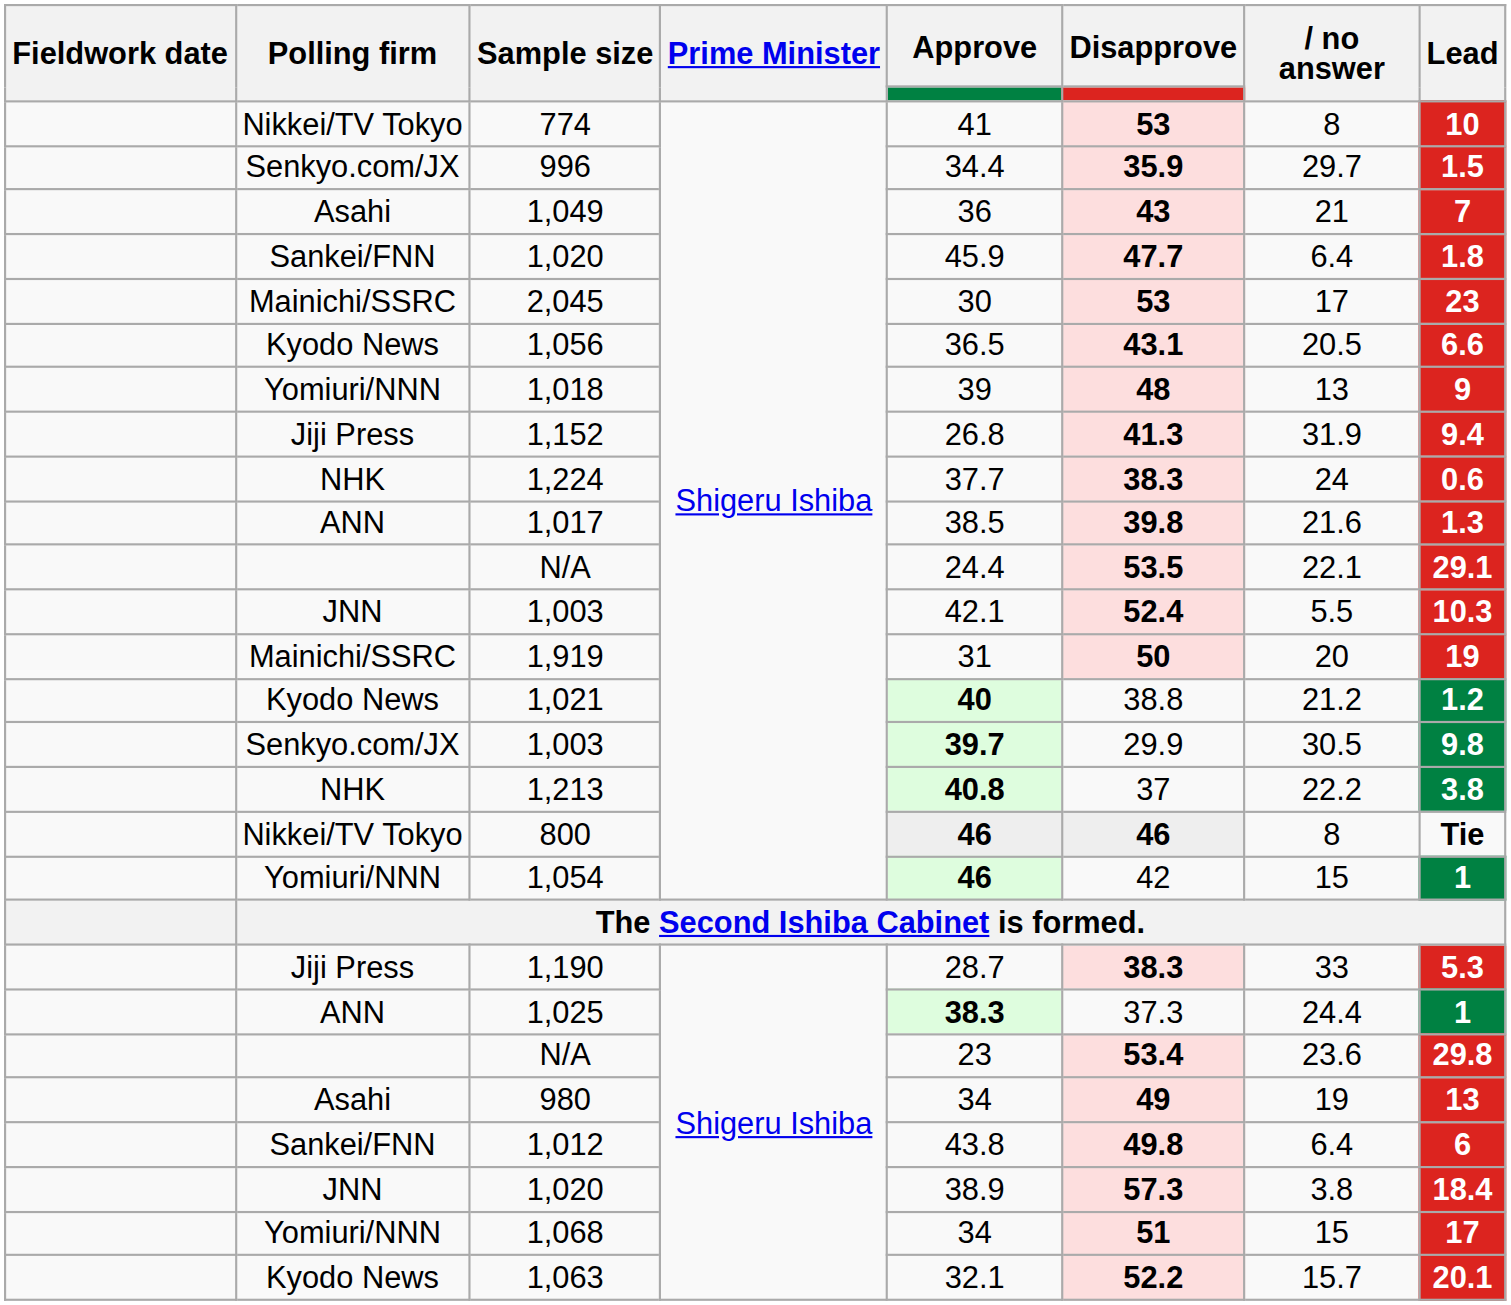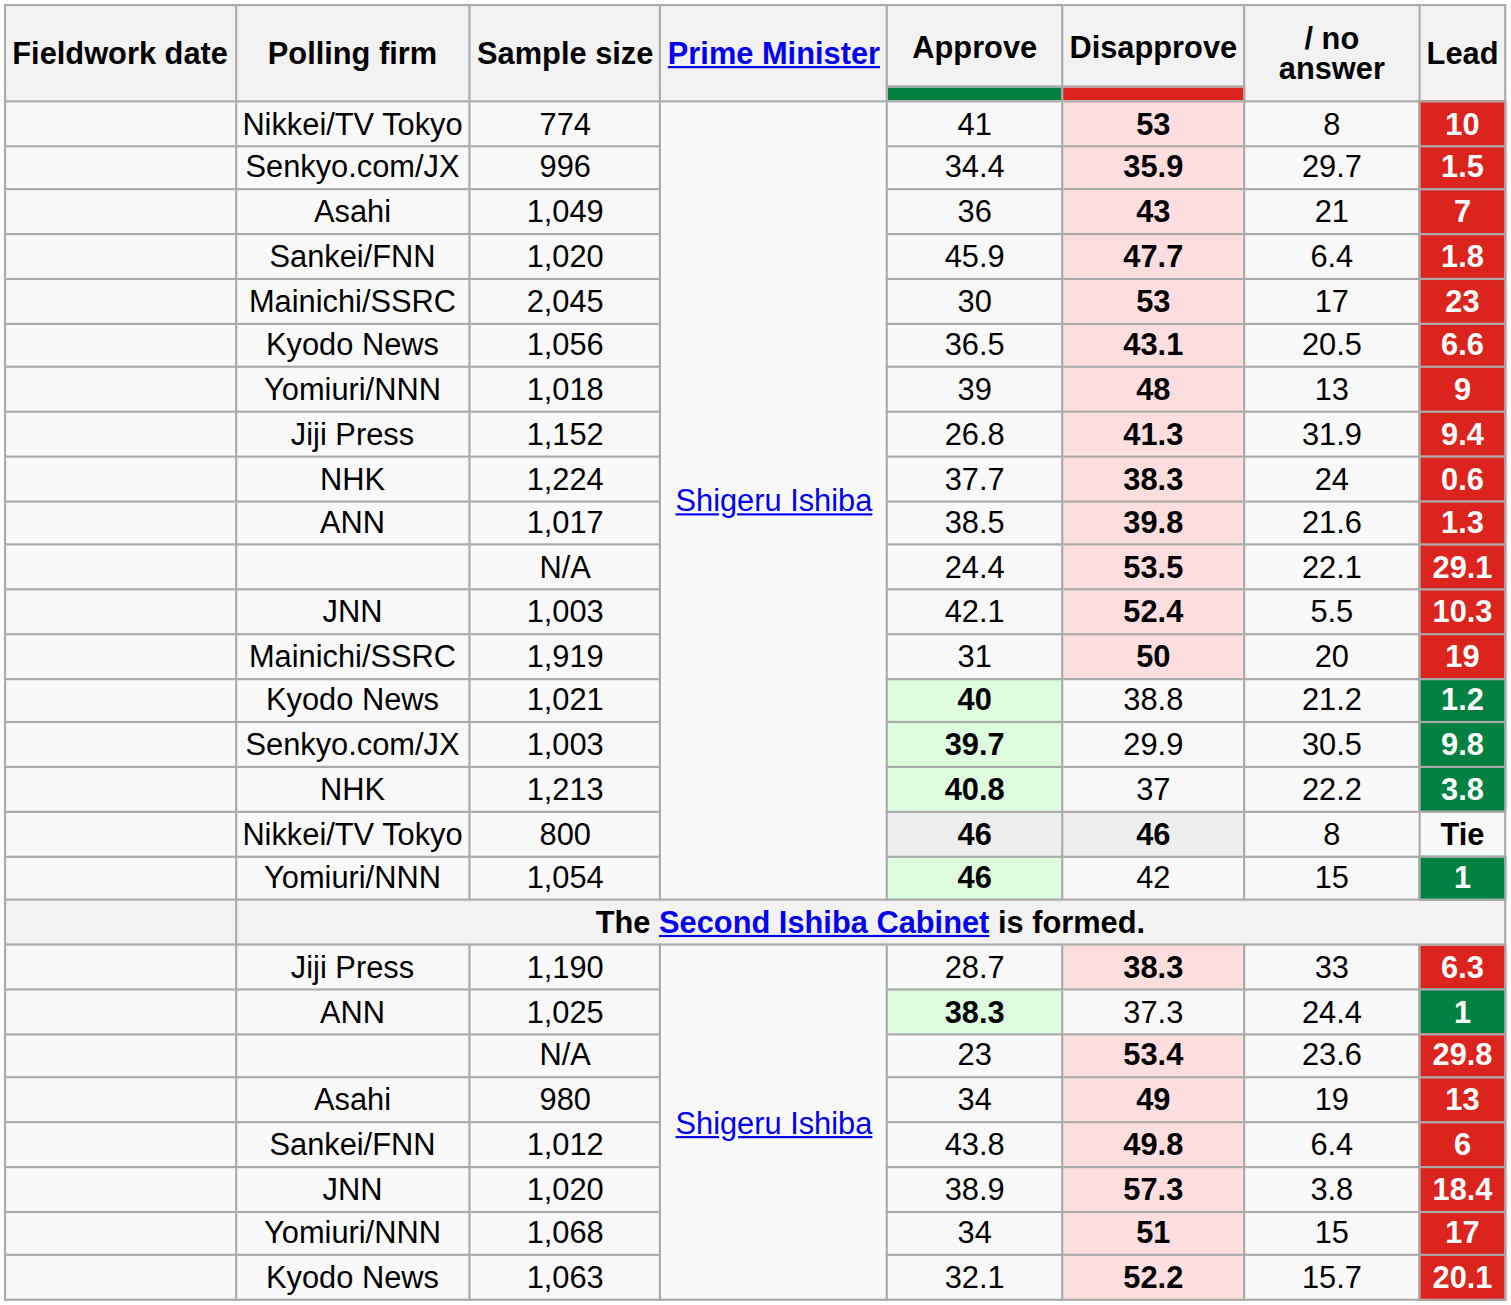 <table class="wikitable mw-datatable sortable mw-collapsible" style="text-align:center;font-size:90%;line-height:14px">
 <tr style="height:38px;">
 <th rowspan="2">Fieldwork date</th>
 <th rowspan="2">Polling firm</th>
 <th class="unsortable" rowspan="2">Sample size</th>
 <th class="unsortable" rowspan="2"><a href='#'>Prime Minister</a></th>
 <th style="width:75px;">Approve</th>
 <th style="width:75px;">Disapprove</th>
 <th style="width:75px;" rowspan="2"> / no answer</th>
 <th class="unsortable" rowspan="2">Lead</th>
 </tr>
 <tr>
 <th style="background:#008142"></th>
 <th style="background:#DC241F"></th>
 </tr>
 <tr>
 <td></td>
 <td>Nikkei/TV Tokyo</td>
 <td>774</td>
 <td rowspan="18"><a href='#'>Shigeru Ishiba</a></td>
 <td>41</td>
 <td style="background:#FDDEDE"><strong>53</strong></td>
 <td>8</td>
 <td style="background:#DC241F; color:white"><strong>10</strong></td>
 </tr>
 <tr>
 <td></td>
 <td>Senkyo.com/JX</td>
 <td>996</td>
 <td>34.4</td>
 <td style="background:#FDDEDE"><strong>35.9</strong></td>
 <td>29.7</td>
 <td style="background:#DC241F; color:white"><strong>1.5</strong></td>
 </tr>
 <tr>
 <td></td>
 <td>Asahi</td>
 <td>1,049</td>
 <td>36</td>
 <td style="background:#FDDEDE"><strong>43</strong></td>
 <td>21</td>
 <td style="background:#DC241F; color:white"><strong>7</strong></td>
 </tr>
 <tr>
 <td></td>
 <td>Sankei/FNN</td>
 <td>1,020</td>
 <td>45.9</td>
 <td style="background:#FDDEDE"><strong>47.7</strong></td>
 <td>6.4</td>
 <td style="background:#DC241F; color:white"><strong>1.8</strong></td>
 </tr>
 <tr>
 <td></td>
 <td>Mainichi/SSRC</td>
 <td>2,045</td>
 <td>30</td>
 <td style="background:#FDDEDE"><strong>53</strong></td>
 <td>17</td>
 <td style="background:#DC241F; color:white"><strong>23</strong></td>
 </tr>
 <tr>
 <td></td>
 <td>Kyodo News</td>
 <td>1,056</td>
 <td>36.5</td>
 <td style="background:#FDDEDE"><strong>43.1</strong></td>
 <td>20.5</td>
 <td style="background:#DC241F; color:white"><strong>6.6</strong></td>
 </tr>
 <tr>
 <td></td>
 <td>Yomiuri/NNN</td>
 <td>1,018</td>
 <td>39</td>
 <td style="background:#FDDEDE"><strong>48</strong></td>
 <td>13</td>
 <td style="background:#DC241F; color:white"><strong>9</strong></td>
 </tr>
 <tr>
 <td></td>
 <td>Jiji Press</td>
 <td>1,152</td>
 <td>26.8</td>
 <td style="background:#FDDEDE"><strong>41.3</strong></td>
 <td>31.9</td>
 <td style="background:#DC241F; color:white"><strong>9.4</strong></td>
 </tr>
 <tr>
 <td></td>
 <td>NHK</td>
 <td>1,224</td>
 <td>37.7</td>
 <td style="background:#FDDEDE"><strong>38.3</strong></td>
 <td>24</td>
 <td style="background:#DC241F; color:white"><strong>0.6</strong></td>
 </tr>
 <tr>
 <td></td>
 <td>ANN</td>
 <td>1,017</td>
 <td>38.5</td>
 <td style="background:#FDDEDE"><strong>39.8</strong></td>
 <td>21.6</td>
 <td style="background:#DC241F; color:white"><strong>1.3</strong></td>
 </tr>
 <tr>
 <td></td>
 <td></td>
 <td>N/A</td>
 <td>24.4</td>
 <td style="background:#FDDEDE"><strong>53.5</strong></td>
 <td>22.1</td>
 <td style="background:#DC241F; color:white"><strong>29.1</strong></td>
 </tr>
 <tr>
 <td></td>
 <td>JNN</td>
 <td>1,003</td>
 <td>42.1</td>
 <td style="background:#FDDEDE"><strong>52.4</strong></td>
 <td>5.5</td>
 <td style="background:#DC241F; color:white"><strong>10.3</strong></td>
 </tr>
 <tr>
 <td></td>
 <td>Mainichi/SSRC</td>
 <td>1,919</td>
 <td>31</td>
 <td style="background:#FDDEDE"><strong>50</strong></td>
 <td>20</td>
 <td style="background:#DC241F; color:white"><strong>19</strong></td>
 </tr>
 <tr>
 <td></td>
 <td>Kyodo News</td>
 <td>1,021</td>
 <td style="background:#DEFDDE"><strong>40</strong></td>
 <td>38.8</td>
 <td>21.2</td>
 <td style="background:#008142; color:white"><strong>1.2</strong></td>
 </tr>
 <tr>
 <td></td>
 <td>Senkyo.com/JX</td>
 <td>1,003</td>
 <td style="background:#DEFDDE"><strong>39.7</strong></td>
 <td>29.9</td>
 <td>30.5</td>
 <td style="background:#008142; color:white"><strong>9.8</strong></td>
 </tr>
 <tr>
 <td></td>
 <td>NHK</td>
 <td>1,213</td>
 <td style="background:#DEFDDE"><strong>40.8</strong></td>
 <td>37</td>
 <td>22.2</td>
 <td style="background:#008142; color:white"><strong>3.8</strong></td>
 </tr>
 <tr>
 <td></td>
 <td>Nikkei/TV Tokyo</td>
 <td>800</td>
 <td style="background:#EEEEEE;"><strong>46</strong></td>
 <td style="background:#EEEEEE;"><strong>46</strong></td>
 <td>8</td>
 <td style="background:"><strong>Tie</strong></td>
 </tr>
 <tr>
 <td></td>
 <td>Yomiuri/NNN</td>
 <td>1,054</td>
 <td style="background:#DEFDDE"><strong>46</strong></td>
 <td>42</td>
 <td>15</td>
 <td style="background:#008142; color:white"><strong>1</strong></td>
 </tr>
 <tr>
 <th></th>
 <th colspan="7">The <a href='#'>Second Ishiba Cabinet</a> is formed.</th>
 </tr>
 <tr>
 <td></td>
 <td>Jiji Press</td>
 <td>1,190</td>
 <td rowspan="8"><a href='#'>Shigeru Ishiba</a></td>
 <td>28.7</td>
 <td style="background:#FDDEDE"><strong>38.3</strong></td>
 <td>33</td>
-<td style="background:#DC241F; color:white"><strong>5.3</strong></td>
+<td style="background:#DC241F; color:white"><strong>6.3</strong></td>
 </tr>
 <tr>
 <td></td>
 <td>ANN</td>
 <td>1,025</td>
 <td style="background:#DEFDDE"><strong>38.3</strong></td>
 <td>37.3</td>
 <td>24.4</td>
 <td style="background:#008142; color:white"><strong>1</strong></td>
 </tr>
 <tr>
 <td></td>
 <td></td>
 <td>N/A</td>
 <td>23</td>
 <td style="background:#FDDEDE"><strong>53.4</strong></td>
 <td>23.6</td>
 <td style="background:#DC241F; color:white"><strong>29.8</strong></td>
 </tr>
 <tr>
 <td></td>
 <td>Asahi</td>
 <td>980</td>
 <td>34</td>
 <td style="background:#FDDEDE"><strong>49</strong></td>
 <td>19</td>
 <td style="background:#DC241F; color:white"><strong>13</strong></td>
 </tr>
 <tr>
 <td></td>
 <td>Sankei/FNN</td>
 <td>1,012</td>
 <td>43.8</td>
 <td style="background:#FDDEDE"><strong>49.8</strong></td>
 <td>6.4</td>
 <td style="background:#DC241F; color:white"><strong>6</strong></td>
 </tr>
 <tr>
 <td></td>
 <td>JNN</td>
 <td>1,020</td>
 <td>38.9</td>
 <td style="background:#FDDEDE"><strong>57.3</strong></td>
 <td>3.8</td>
 <td style="background:#DC241F; color:white"><strong>18.4</strong></td>
 </tr>
 <tr>
 <td></td>
 <td>Yomiuri/NNN</td>
 <td>1,068</td>
 <td>34</td>
 <td style="background:#FDDEDE"><strong>51</strong></td>
 <td>15</td>
 <td style="background:#DC241F; color:white"><strong>17</strong></td>
 </tr>
 <tr>
 <td></td>
 <td>Kyodo News</td>
 <td>1,063</td>
 <td>32.1</td>
 <td style="background:#FDDEDE"><strong>52.2</strong></td>
 <td>15.7</td>
 <td style="background:#DC241F; color:white"><strong>20.1</strong></td>
 </tr>
 </table>
